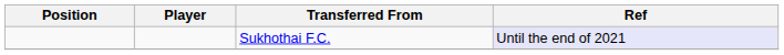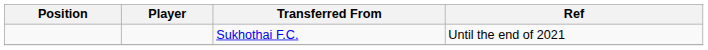 <table class="wikitable sortable" style="width:70%; text-align:center; font-size:100%; text-align:left;">
 <tr>
 <th><strong>Position</strong></th>
 <th><strong>Player</strong></th>
 <th><strong>Transferred From</strong></th>
 <th><strong>Ref</strong></th>
 </tr>
 <tr>
 <td></td>
 <td></td>
 <td> <a href='#'>Sukhothai F.C.</a></td>
-<td style="background: lavender;">Until the end of 2021 </td>
+<td>Until the end of 2021 </td>
 </tr>
 <tr>
 </tr>
 </table>
